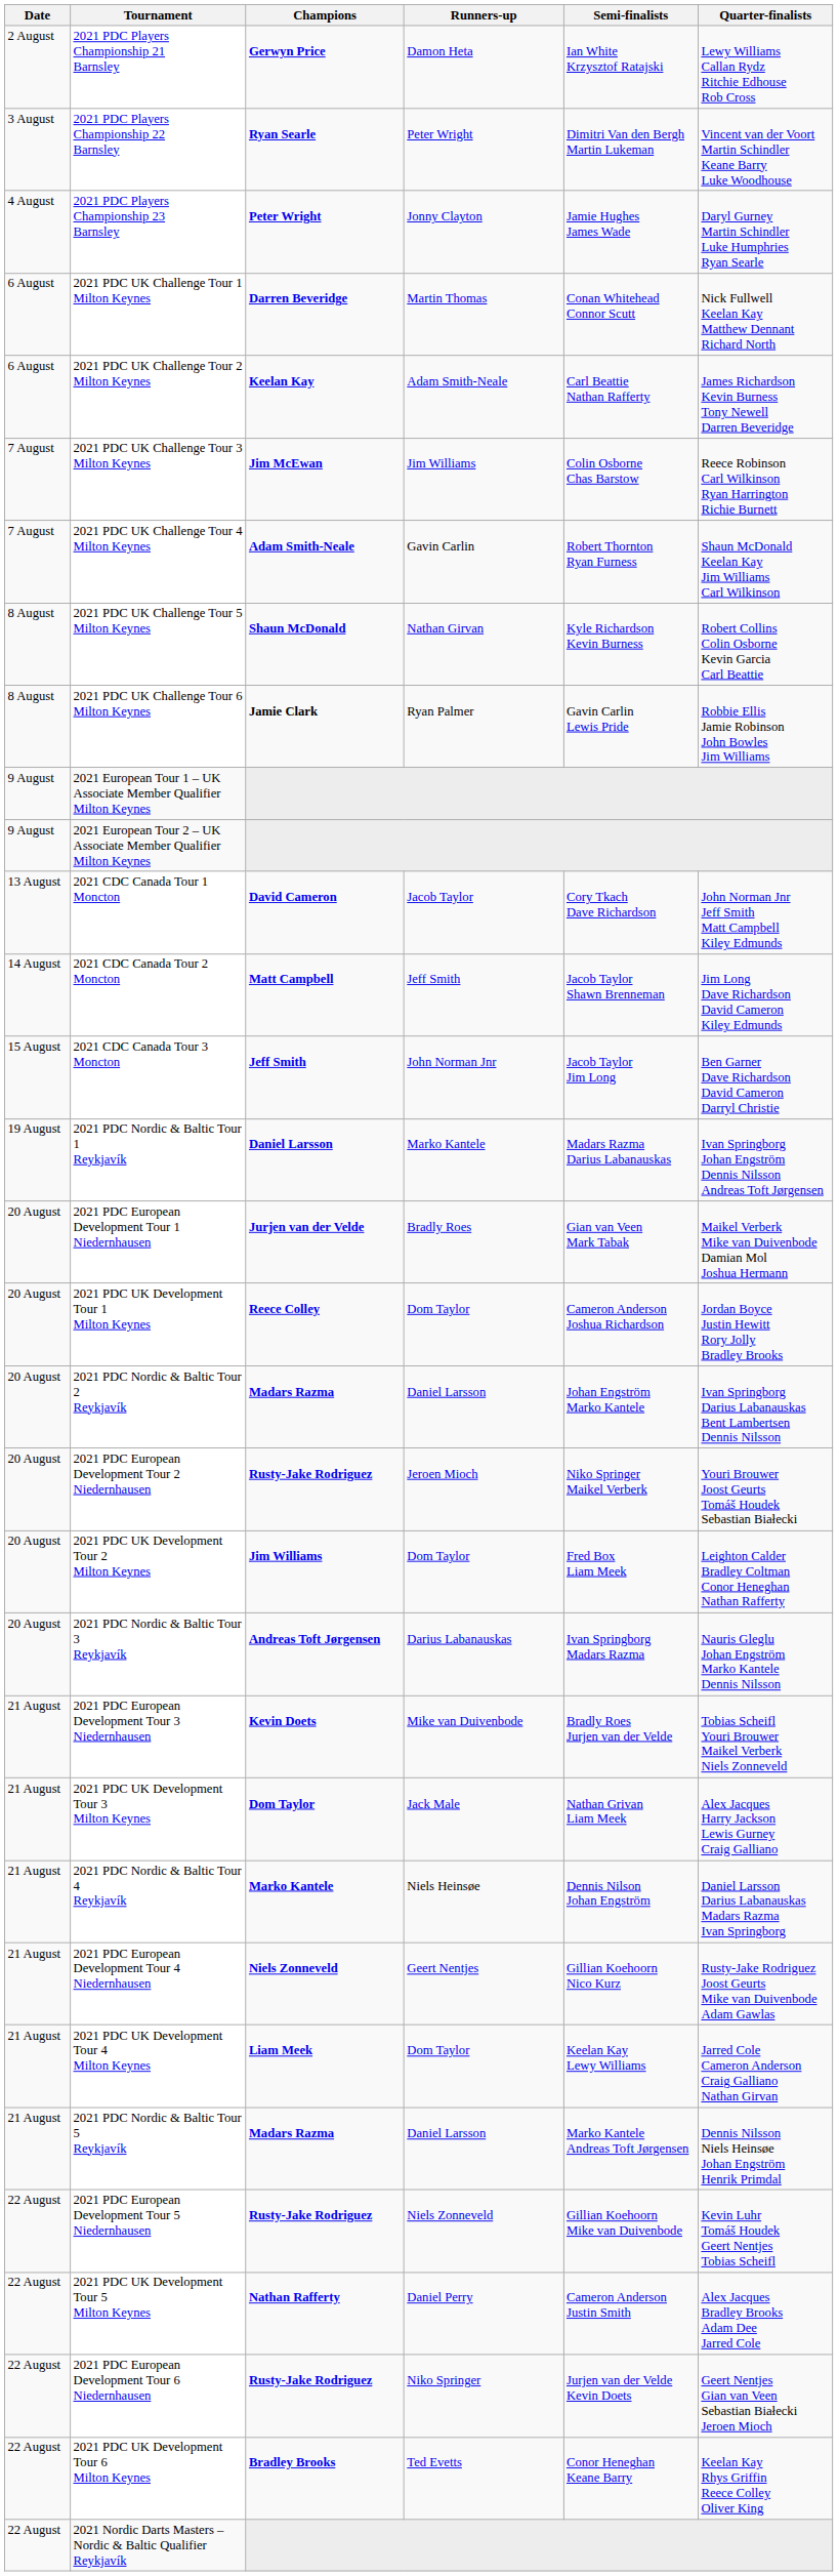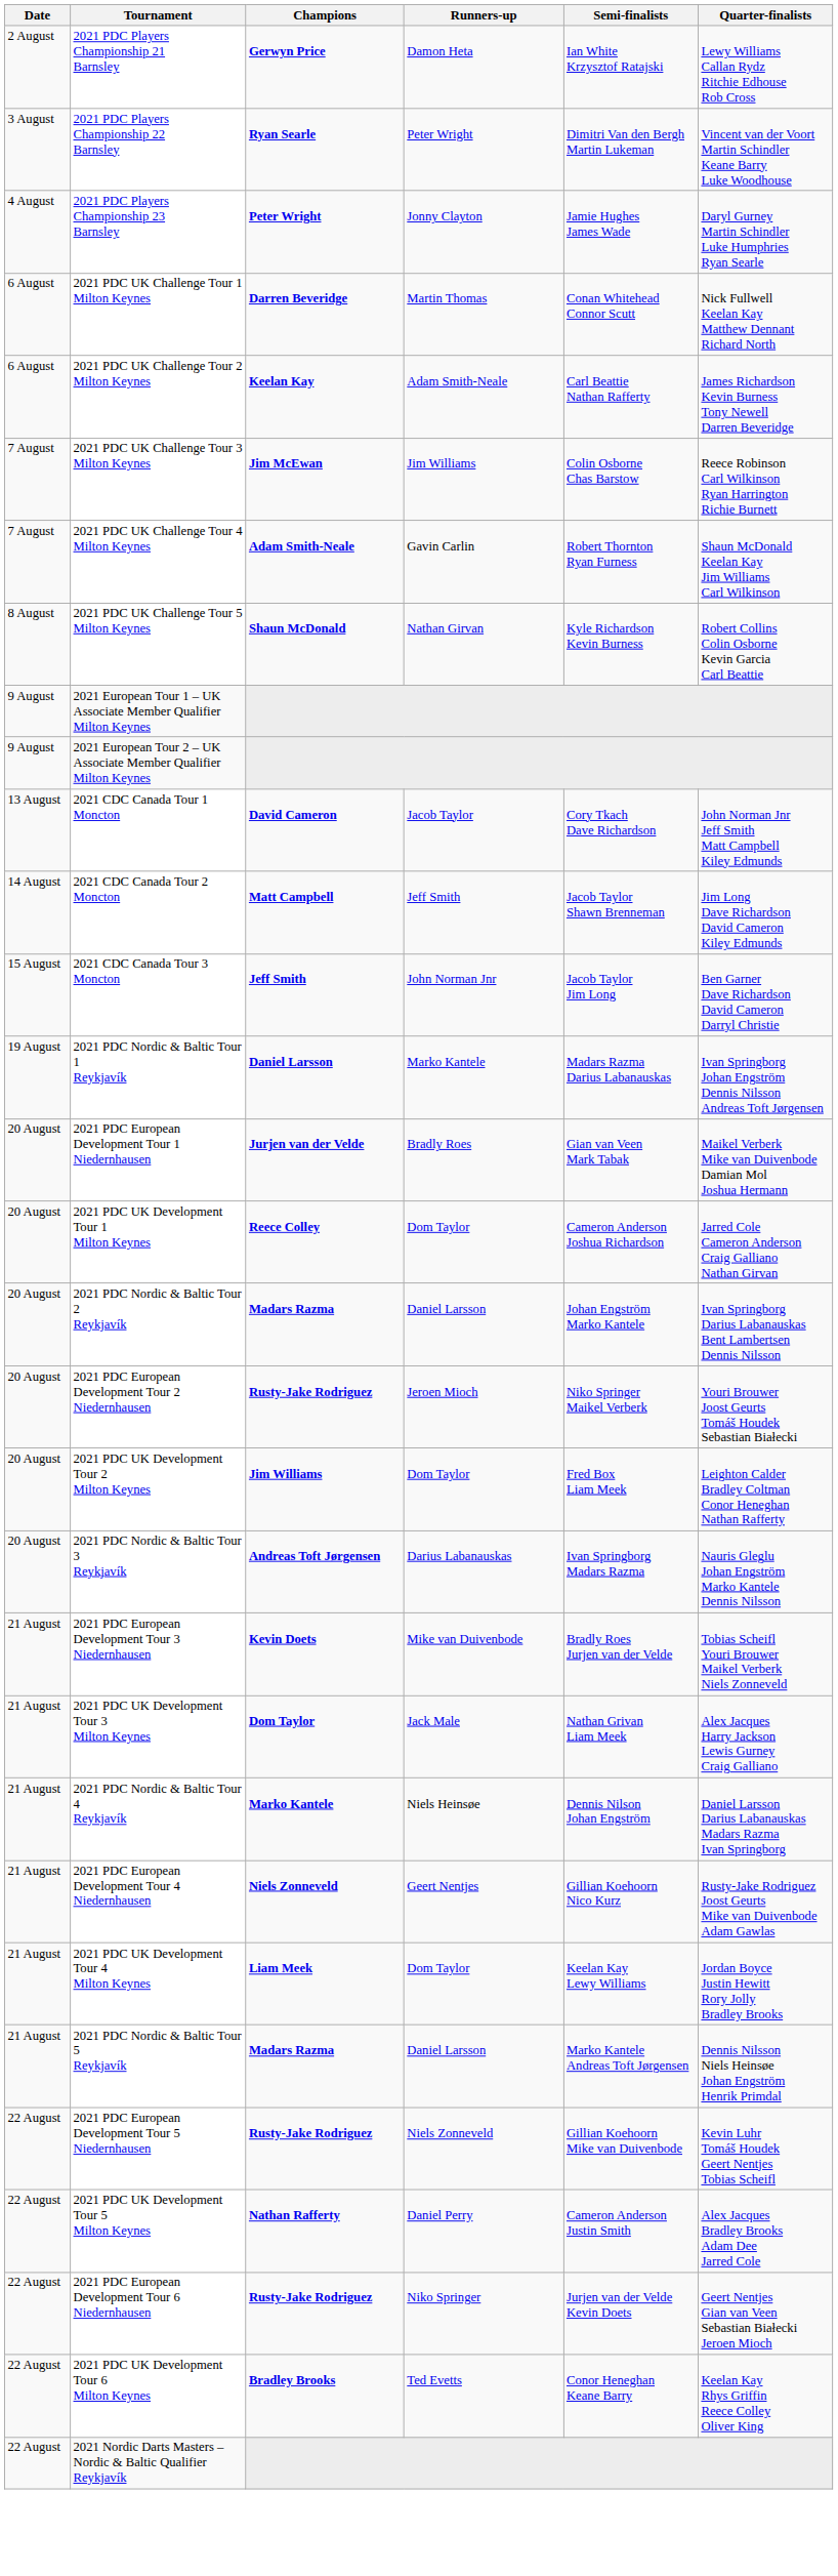 <table class=wikitable style=font-size:85%>
 <tr>
 <th width=75>Date</th>
 <th width=230>Tournament</th>
 <th width=210>Champions</th>
 <th width=210>Runners-up</th>
 <th width=170>Semi-finalists</th>
 <th width=170>Quarter-finalists</th>
 </tr>
 <tr valign="top">
 <td>2 August</td>
 <td bgcolor="#ffffff"><a href='#'>2021 PDC Players Championship 21</a><br> <a href='#'>Barnsley</a></td>
 <td><br> <strong><a href='#'>Gerwyn Price</a></strong></td>
 <td><br> <a href='#'>Damon Heta</a></td>
 <td><br> <a href='#'>Ian White</a> <br>  <a href='#'>Krzysztof Ratajski</a></td>
 <td><br> <a href='#'>Lewy Williams</a> <br>  <a href='#'>Callan Rydz</a> <br>  <a href='#'>Ritchie Edhouse</a>  <br>  <a href='#'>Rob Cross</a></td>
 </tr>
 <tr valign="top">
 <td>3 August</td>
 <td bgcolor="#ffffff"><a href='#'>2021 PDC Players Championship 22</a><br> <a href='#'>Barnsley</a></td>
 <td><br> <strong><a href='#'>Ryan Searle</a></strong></td>
 <td><br> <a href='#'>Peter Wright</a></td>
 <td><br> <a href='#'>Dimitri Van den Bergh</a> <br>  <a href='#'>Martin Lukeman</a></td>
 <td><br> <a href='#'>Vincent van der Voort</a> <br>  <a href='#'>Martin Schindler</a> <br>  <a href='#'>Keane Barry</a> <br>  <a href='#'>Luke Woodhouse</a></td>
 </tr>
 <tr valign="top">
 <td>4 August</td>
 <td bgcolor="#ffffff"><a href='#'>2021 PDC Players Championship 23</a><br> <a href='#'>Barnsley</a></td>
 <td><br> <strong><a href='#'>Peter Wright</a></strong></td>
 <td><br> <a href='#'>Jonny Clayton</a></td>
 <td><br> <a href='#'>Jamie Hughes</a> <br>  <a href='#'>James Wade</a></td>
 <td><br> <a href='#'>Daryl Gurney</a> <br>  <a href='#'>Martin Schindler</a> <br>  <a href='#'>Luke Humphries</a> <br>  <a href='#'>Ryan Searle</a></td>
 </tr>
 <tr valign="top">
 <td>6 August</td>
 <td bgcolor="#ffffff">2021 PDC UK Challenge Tour 1<br> <a href='#'>Milton Keynes</a></td>
 <td><br> <strong><a href='#'>Darren Beveridge</a></strong></td>
 <td><br> <a href='#'>Martin Thomas</a></td>
 <td><br> <a href='#'>Conan Whitehead</a> <br>  <a href='#'>Connor Scutt</a></td>
 <td><br> Nick Fullwell <br>  <a href='#'>Keelan Kay</a> <br>  <a href='#'>Matthew Dennant</a> <br>  <a href='#'>Richard North</a></td>
 </tr>
 <tr valign="top">
 <td>6 August</td>
 <td bgcolor="#ffffff">2021 PDC UK Challenge Tour 2<br> <a href='#'>Milton Keynes</a></td>
 <td><br> <strong><a href='#'>Keelan Kay</a></strong></td>
 <td><br> <a href='#'>Adam Smith-Neale</a></td>
 <td><br> <a href='#'>Carl Beattie</a> <br>  <a href='#'>Nathan Rafferty</a></td>
 <td><br> <a href='#'>James Richardson</a> <br>  <a href='#'>Kevin Burness</a> <br>  <a href='#'>Tony Newell</a> <br>  <a href='#'>Darren Beveridge</a></td>
 </tr>
 <tr valign="top">
 <td>7 August</td>
 <td bgcolor="#ffffff">2021 PDC UK Challenge Tour 3<br> <a href='#'>Milton Keynes</a></td>
 <td><br> <strong><a href='#'>Jim McEwan</a></strong></td>
 <td><br> <a href='#'>Jim Williams</a></td>
 <td><br> <a href='#'>Colin Osborne</a> <br>  <a href='#'>Chas Barstow</a></td>
 <td><br> Reece Robinson <br>  <a href='#'>Carl Wilkinson</a> <br>  <a href='#'>Ryan Harrington</a> <br>  <a href='#'>Richie Burnett</a></td>
 </tr>
 <tr valign="top">
 <td>7 August</td>
 <td bgcolor="#ffffff">2021 PDC UK Challenge Tour 4<br> <a href='#'>Milton Keynes</a></td>
 <td><br> <strong><a href='#'>Adam Smith-Neale</a></strong></td>
 <td><br> Gavin Carlin</td>
 <td><br> <a href='#'>Robert Thornton</a> <br>  <a href='#'>Ryan Furness</a></td>
 <td><br> <a href='#'>Shaun McDonald</a> <br>  <a href='#'>Keelan Kay</a> <br>  <a href='#'>Jim Williams</a> <br>  <a href='#'>Carl Wilkinson</a></td>
 </tr>
 <tr valign="top">
 <td>8 August</td>
 <td bgcolor="#ffffff">2021 PDC UK Challenge Tour 5<br> <a href='#'>Milton Keynes</a></td>
 <td><br> <strong><a href='#'>Shaun McDonald</a></strong></td>
 <td><br> <a href='#'>Nathan Girvan</a></td>
 <td><br> <a href='#'>Kyle Richardson</a> <br>  <a href='#'>Kevin Burness</a></td>
 <td><br> <a href='#'>Robert Collins</a> <br>  <a href='#'>Colin Osborne</a> <br>  Kevin Garcia <br>  <a href='#'>Carl Beattie</a></td>
 </tr>
 <tr valign="top">
-<td>8 August</td>
-<td bgcolor="#ffffff">2021 PDC UK Challenge Tour 6<br> <a href='#'>Milton Keynes</a></td>
-<td><br> <strong>Jamie Clark</strong></td>
-<td><br> Ryan Palmer</td>
-<td><br> Gavin Carlin <br>  <a href='#'>Lewis Pride</a></td>
-<td><br> <a href='#'>Robbie Ellis</a> <br>  Jamie Robinson <br>  <a href='#'>John Bowles</a> <br>  <a href='#'>Jim Williams</a></td>
-</tr>
-<tr valign="top">
 <td rowspan=1>9 August</td>
 <td>2021 European Tour 1 – UK Associate Member Qualifier <br> <a href='#'>Milton Keynes</a></td>
 <td colspan=4 bgcolor="#ededed"></td>
 </tr>
 <tr valign="top">
 <td rowspan=1>9 August</td>
 <td>2021 European Tour 2 – UK Associate Member Qualifier <br> <a href='#'>Milton Keynes</a></td>
 <td colspan=4 bgcolor="#ededed"></td>
 </tr>
 <tr valign="top">
 <td>13 August</td>
 <td bgcolor="#ffffff">2021 CDC Canada Tour 1<br> <a href='#'>Moncton</a></td>
 <td><br> <strong><a href='#'>David Cameron</a></strong></td>
 <td><br> <a href='#'>Jacob Taylor</a></td>
 <td><br> <a href='#'>Cory Tkach</a> <br>  <a href='#'>Dave Richardson</a></td>
 <td><br> <a href='#'>John Norman Jnr</a> <br>  <a href='#'>Jeff Smith</a> <br>  <a href='#'>Matt Campbell</a> <br>  <a href='#'>Kiley Edmunds</a></td>
 </tr>
 <tr valign="top">
 <td>14 August</td>
 <td bgcolor="#ffffff">2021 CDC Canada Tour 2<br> <a href='#'>Moncton</a></td>
 <td><br> <strong><a href='#'>Matt Campbell</a></strong></td>
 <td><br> <a href='#'>Jeff Smith</a></td>
 <td><br> <a href='#'>Jacob Taylor</a> <br>  <a href='#'>Shawn Brenneman</a></td>
 <td><br> <a href='#'>Jim Long</a> <br>  <a href='#'>Dave Richardson</a><br>  <a href='#'>David Cameron</a> <br>  <a href='#'>Kiley Edmunds</a></td>
 </tr>
 <tr valign="top">
 <td>15 August</td>
 <td bgcolor="#ffffff">2021 CDC Canada Tour 3<br> <a href='#'>Moncton</a></td>
 <td><br> <strong><a href='#'>Jeff Smith</a></strong></td>
 <td><br> <a href='#'>John Norman Jnr</a></td>
 <td><br> <a href='#'>Jacob Taylor</a> <br>  <a href='#'>Jim Long</a></td>
 <td><br> <a href='#'>Ben Garner</a> <br>  <a href='#'>Dave Richardson</a><br>  <a href='#'>David Cameron</a> <br>  <a href='#'>Darryl Christie</a></td>
 </tr>
 <tr valign="top">
 <td>19 August</td>
 <td bgcolor="#ffffff">2021 PDC Nordic & Baltic Tour 1<br> <a href='#'>Reykjavík</a></td>
 <td><br> <strong><a href='#'>Daniel Larsson</a></strong></td>
 <td><br> <a href='#'>Marko Kantele</a></td>
 <td><br> <a href='#'>Madars Razma</a> <br>  <a href='#'>Darius Labanauskas</a></td>
 <td><br> <a href='#'>Ivan Springborg</a> <br>  <a href='#'>Johan Engström</a> <br>  <a href='#'>Dennis Nilsson</a> <br>  <a href='#'>Andreas Toft Jørgensen</a></td>
 </tr>
 <tr valign="top">
 <td>20 August</td>
 <td bgcolor="#ffffff">2021 PDC European Development Tour 1<br> <a href='#'>Niedernhausen</a></td>
 <td><br> <strong><a href='#'>Jurjen van der Velde</a></strong></td>
 <td><br> <a href='#'>Bradly Roes</a></td>
 <td><br> <a href='#'>Gian van Veen</a> <br>  <a href='#'>Mark Tabak</a></td>
 <td><br> <a href='#'>Maikel Verberk</a> <br>  <a href='#'>Mike van Duivenbode</a> <br>  Damian Mol <br>  <a href='#'>Joshua Hermann</a></td>
 </tr>
 <tr valign="top">
 <td>20 August</td>
 <td bgcolor="#ffffff">2021 PDC UK Development Tour 1<br> <a href='#'>Milton Keynes</a></td>
 <td><br> <strong><a href='#'>Reece Colley</a></strong></td>
 <td><br> <a href='#'>Dom Taylor</a></td>
 <td><br> <a href='#'>Cameron Anderson</a> <br>  <a href='#'>Joshua Richardson</a></td>
-<td><br> <a href='#'>Jordan Boyce</a> <br>  <a href='#'>Justin Hewitt</a> <br>  <a href='#'>Rory Jolly</a> <br>  <a href='#'>Bradley Brooks</a></td>
+<td><br> <a href='#'>Jarred Cole</a> <br>  <a href='#'>Cameron Anderson</a> <br>  <a href='#'>Craig Galliano</a> <br>  <a href='#'>Nathan Girvan</a></td>
 </tr>
 <tr valign="top">
 <td>20 August</td>
 <td bgcolor="#ffffff">2021 PDC Nordic & Baltic Tour 2<br> <a href='#'>Reykjavík</a></td>
 <td><br> <strong><a href='#'>Madars Razma</a></strong></td>
 <td><br> <a href='#'>Daniel Larsson</a></td>
 <td><br> <a href='#'>Johan Engström</a> <br>  <a href='#'>Marko Kantele</a></td>
 <td><br> <a href='#'>Ivan Springborg</a> <br>  <a href='#'>Darius Labanauskas</a> <br>  <a href='#'>Bent Lambertsen</a> <br>  <a href='#'>Dennis Nilsson</a></td>
 </tr>
 <tr valign="top">
 <td>20 August</td>
 <td bgcolor="#ffffff">2021 PDC European Development Tour 2<br> <a href='#'>Niedernhausen</a></td>
 <td><br> <strong><a href='#'>Rusty-Jake Rodriguez</a></strong></td>
 <td><br> <a href='#'>Jeroen Mioch</a></td>
 <td><br> <a href='#'>Niko Springer</a> <br>  <a href='#'>Maikel Verberk</a></td>
 <td><br> <a href='#'>Youri Brouwer</a> <br>  <a href='#'>Joost Geurts</a> <br>  <a href='#'>Tomáš Houdek</a> <br>  Sebastian Białecki</td>
 </tr>
 <tr valign="top">
 <td>20 August</td>
 <td bgcolor="#ffffff">2021 PDC UK Development Tour 2<br> <a href='#'>Milton Keynes</a></td>
 <td><br> <strong><a href='#'>Jim Williams</a></strong></td>
 <td><br> <a href='#'>Dom Taylor</a></td>
 <td><br> <a href='#'>Fred Box</a> <br>  <a href='#'>Liam Meek</a></td>
 <td><br> <a href='#'>Leighton Calder</a> <br>  <a href='#'>Bradley Coltman</a> <br>  <a href='#'>Conor Heneghan</a> <br>  <a href='#'>Nathan Rafferty</a></td>
 </tr>
 <tr valign="top">
 <td>20 August</td>
 <td bgcolor="#ffffff">2021 PDC Nordic & Baltic Tour 3<br> <a href='#'>Reykjavík</a></td>
 <td><br> <strong><a href='#'>Andreas Toft Jørgensen</a></strong></td>
 <td><br> <a href='#'>Darius Labanauskas</a></td>
 <td><br> <a href='#'>Ivan Springborg</a> <br>  <a href='#'>Madars Razma</a></td>
 <td><br> <a href='#'>Nauris Gleglu</a> <br>  <a href='#'>Johan Engström</a> <br>  <a href='#'>Marko Kantele</a> <br>  <a href='#'>Dennis Nilsson</a></td>
 </tr>
 <tr valign="top">
 <td>21 August</td>
 <td bgcolor="#ffffff">2021 PDC European Development Tour 3<br> <a href='#'>Niedernhausen</a></td>
 <td><br> <strong><a href='#'>Kevin Doets</a></strong></td>
 <td><br> <a href='#'>Mike van Duivenbode</a></td>
 <td><br> <a href='#'>Bradly Roes</a> <br>  <a href='#'>Jurjen van der Velde</a></td>
 <td><br> <a href='#'>Tobias Scheifl</a> <br>  <a href='#'>Youri Brouwer</a> <br>  <a href='#'>Maikel Verberk</a><br>  <a href='#'>Niels Zonneveld</a></td>
 </tr>
 <tr valign="top">
 <td>21 August</td>
 <td bgcolor="#ffffff">2021 PDC UK Development Tour 3<br> <a href='#'>Milton Keynes</a></td>
 <td><br> <strong><a href='#'>Dom Taylor</a></strong></td>
 <td><br> <a href='#'>Jack Male</a></td>
 <td><br> <a href='#'>Nathan Grivan</a> <br>  <a href='#'>Liam Meek</a></td>
 <td><br> <a href='#'>Alex Jacques</a> <br>  <a href='#'>Harry Jackson</a> <br>  <a href='#'>Lewis Gurney</a> <br>  <a href='#'>Craig Galliano</a></td>
 </tr>
 <tr valign="top">
 <td>21 August</td>
 <td bgcolor="#ffffff">2021 PDC Nordic & Baltic Tour 4<br> <a href='#'>Reykjavík</a></td>
 <td><br> <strong><a href='#'>Marko Kantele</a></strong></td>
 <td><br> Niels Heinsøe</td>
 <td><br> <a href='#'>Dennis Nilson</a> <br>  <a href='#'>Johan Engström</a></td>
 <td><br> <a href='#'>Daniel Larsson</a> <br>  <a href='#'>Darius Labanauskas</a> <br>  <a href='#'>Madars Razma</a> <br>  <a href='#'>Ivan Springborg</a></td>
 </tr>
 <tr valign="top">
 <td>21 August</td>
 <td bgcolor="#ffffff">2021 PDC European Development Tour 4<br> <a href='#'>Niedernhausen</a></td>
 <td><br> <strong><a href='#'>Niels Zonneveld</a></strong></td>
 <td><br> <a href='#'>Geert Nentjes</a></td>
 <td><br> <a href='#'>Gillian Koehoorn</a> <br>  <a href='#'>Nico Kurz</a></td>
 <td><br> <a href='#'>Rusty-Jake Rodriguez</a> <br>  <a href='#'>Joost Geurts</a> <br>  <a href='#'>Mike van Duivenbode</a> <br>  <a href='#'>Adam Gawlas</a></td>
 </tr>
 <tr valign="top">
 <td>21 August</td>
 <td bgcolor="#ffffff">2021 PDC UK Development Tour 4<br> <a href='#'>Milton Keynes</a></td>
 <td><br> <strong><a href='#'>Liam Meek</a></strong></td>
 <td><br> <a href='#'>Dom Taylor</a></td>
 <td><br> <a href='#'>Keelan Kay</a> <br>  <a href='#'>Lewy Williams</a></td>
-<td><br> <a href='#'>Jarred Cole</a> <br>  <a href='#'>Cameron Anderson</a> <br>  <a href='#'>Craig Galliano</a> <br>  <a href='#'>Nathan Girvan</a></td>
+<td><br> <a href='#'>Jordan Boyce</a> <br>  <a href='#'>Justin Hewitt</a> <br>  <a href='#'>Rory Jolly</a> <br>  <a href='#'>Bradley Brooks</a></td>
 </tr>
 <tr valign="top">
 <td>21 August</td>
 <td bgcolor="#ffffff">2021 PDC Nordic & Baltic Tour 5<br> <a href='#'>Reykjavík</a></td>
 <td><br> <strong><a href='#'>Madars Razma</a></strong></td>
 <td><br> <a href='#'>Daniel Larsson</a></td>
 <td><br> <a href='#'>Marko Kantele</a> <br>  <a href='#'>Andreas Toft Jørgensen</a></td>
 <td><br> <a href='#'>Dennis Nilsson</a> <br>  Niels Heinsøe  <br>  <a href='#'>Johan Engström</a> <br>  <a href='#'>Henrik Primdal</a></td>
 </tr>
 <tr valign="top">
 <td>22 August</td>
 <td bgcolor="#ffffff">2021 PDC European Development Tour 5<br> <a href='#'>Niedernhausen</a></td>
 <td><br> <strong><a href='#'>Rusty-Jake Rodriguez</a></strong></td>
 <td><br> <a href='#'>Niels Zonneveld</a></td>
 <td><br> <a href='#'>Gillian Koehoorn</a> <br>  <a href='#'>Mike van Duivenbode</a></td>
 <td><br> <a href='#'>Kevin Luhr</a> <br>  <a href='#'>Tomáš Houdek</a> <br>  <a href='#'>Geert Nentjes</a> <br>  <a href='#'>Tobias Scheifl</a></td>
 </tr>
 <tr valign="top">
 <td>22 August</td>
 <td bgcolor="#ffffff">2021 PDC UK Development Tour 5<br> <a href='#'>Milton Keynes</a></td>
 <td><br> <strong><a href='#'>Nathan Rafferty</a></strong></td>
 <td><br> <a href='#'>Daniel Perry</a></td>
 <td><br> <a href='#'>Cameron Anderson</a> <br>  <a href='#'>Justin Smith</a></td>
 <td><br> <a href='#'>Alex Jacques</a> <br>  <a href='#'>Bradley Brooks</a> <br>  <a href='#'>Adam Dee</a> <br>  <a href='#'>Jarred Cole</a></td>
 </tr>
 <tr valign="top">
 <td>22 August</td>
 <td bgcolor="#ffffff">2021 PDC European Development Tour 6<br> <a href='#'>Niedernhausen</a></td>
 <td><br> <strong><a href='#'>Rusty-Jake Rodriguez</a></strong></td>
 <td><br> <a href='#'>Niko Springer</a></td>
 <td><br> <a href='#'>Jurjen van der Velde</a> <br>  <a href='#'>Kevin Doets</a></td>
 <td><br> <a href='#'>Geert Nentjes</a> <br>  <a href='#'>Gian van Veen</a> <br>  Sebastian Białecki <br>  <a href='#'>Jeroen Mioch</a></td>
 </tr>
 <tr valign="top">
 <td>22 August</td>
 <td bgcolor="#ffffff">2021 PDC UK Development Tour 6<br> <a href='#'>Milton Keynes</a></td>
 <td><br> <strong><a href='#'>Bradley Brooks</a></strong></td>
 <td><br> <a href='#'>Ted Evetts</a></td>
 <td><br> <a href='#'>Conor Heneghan</a> <br>  <a href='#'>Keane Barry</a></td>
 <td><br> <a href='#'>Keelan Kay</a> <br>  <a href='#'>Rhys Griffin</a> <br>  <a href='#'>Reece Colley</a> <br>  <a href='#'>Oliver King</a></td>
 </tr>
 <tr valign="top">
 <td rowspan=1>22 August</td>
 <td>2021 Nordic Darts Masters – Nordic & Baltic Qualifier <br> <a href='#'>Reykjavík</a></td>
 <td colspan=4 bgcolor="#ededed"></td>
 </tr>
 </table>
